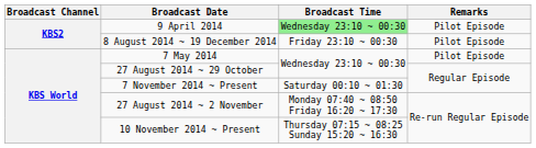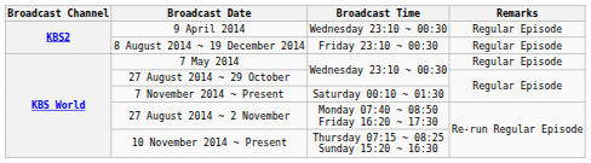 <table class="wikitable">
 <tr>
 <th>Broadcast Channel</th>
 <th>Broadcast Date</th>
 <th>Broadcast Time</th>
 <th>Remarks</th>
 </tr>
 <tr align='center'>
 <th rowspan="2" style="vertial-align: center;"><a href='#'>KBS2</a></th>
 <td>9 April 2014</td>
-<td style="background: lightgreen;">Wednesday 23:10 ~ 00:30</td>
-<td>Pilot Episode</td>
+<td>Wednesday 23:10 ~ 00:30</td>
+<td>Regular Episode</td>
 </tr>
 <tr align='center'>
 <td>8 August 2014 ~ 19 December 2014</td>
 <td>Friday 23:10 ~ 00:30</td>
-<td>Pilot Episode</td>
+<td>Regular Episode</td>
 </tr>
 <tr align='center'>
 <th rowspan="5" style="vertial-align: center;"><a href='#'>KBS World</a></th>
 <td>7 May 2014</td>
 <td rowspan="2">Wednesday 23:10 ~ 00:30</td>
-<td>Pilot Episode</td>
+<td>Regular Episode</td>
 </tr>
 <tr align='center'>
 <td>27 August 2014 ~ 29 October</td>
 <td rowspan="2">Regular Episode</td>
 </tr>
 <tr align='center'>
 <td>7 November 2014 ~ Present</td>
 <td>Saturday 00:10 ~ 01:30</td>
 </tr>
 <tr align='center'>
 <td>27 August 2014 ~ 2 November</td>
 <td>Monday 07:40 ~ 08:50<br>Friday 16:20 ~ 17:30</td>
 <td rowspan="2">Re-run Regular Episode</td>
 </tr>
 <tr align='center'>
 <td>10 November 2014 ~ Present</td>
 <td>Thursday 07:15 ~ 08:25<br>Sunday 15:20 ~ 16:30</td>
 </tr>
 </table>
